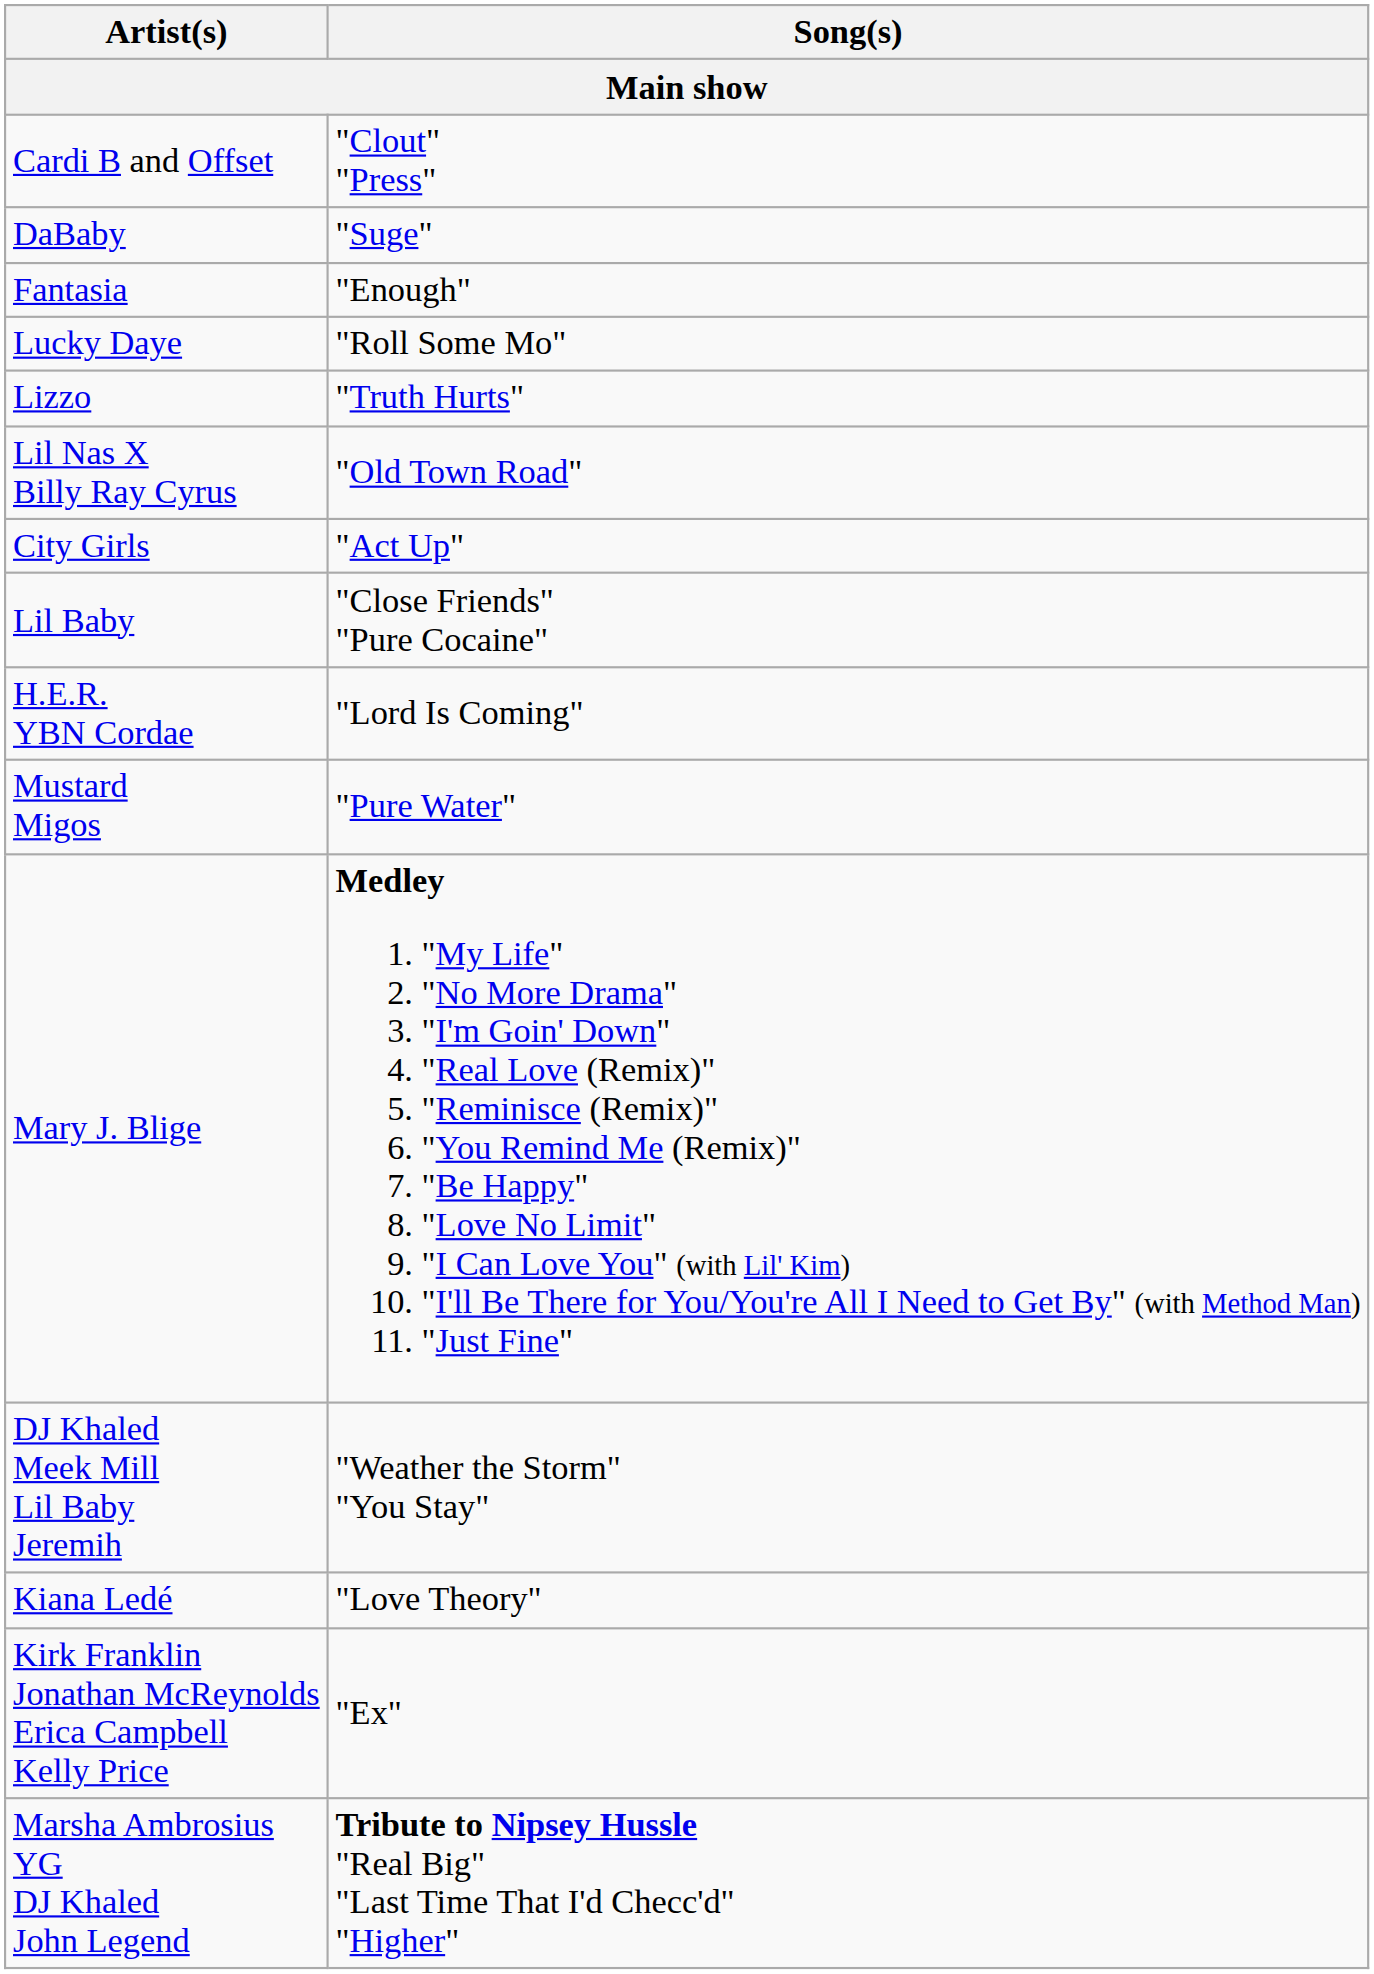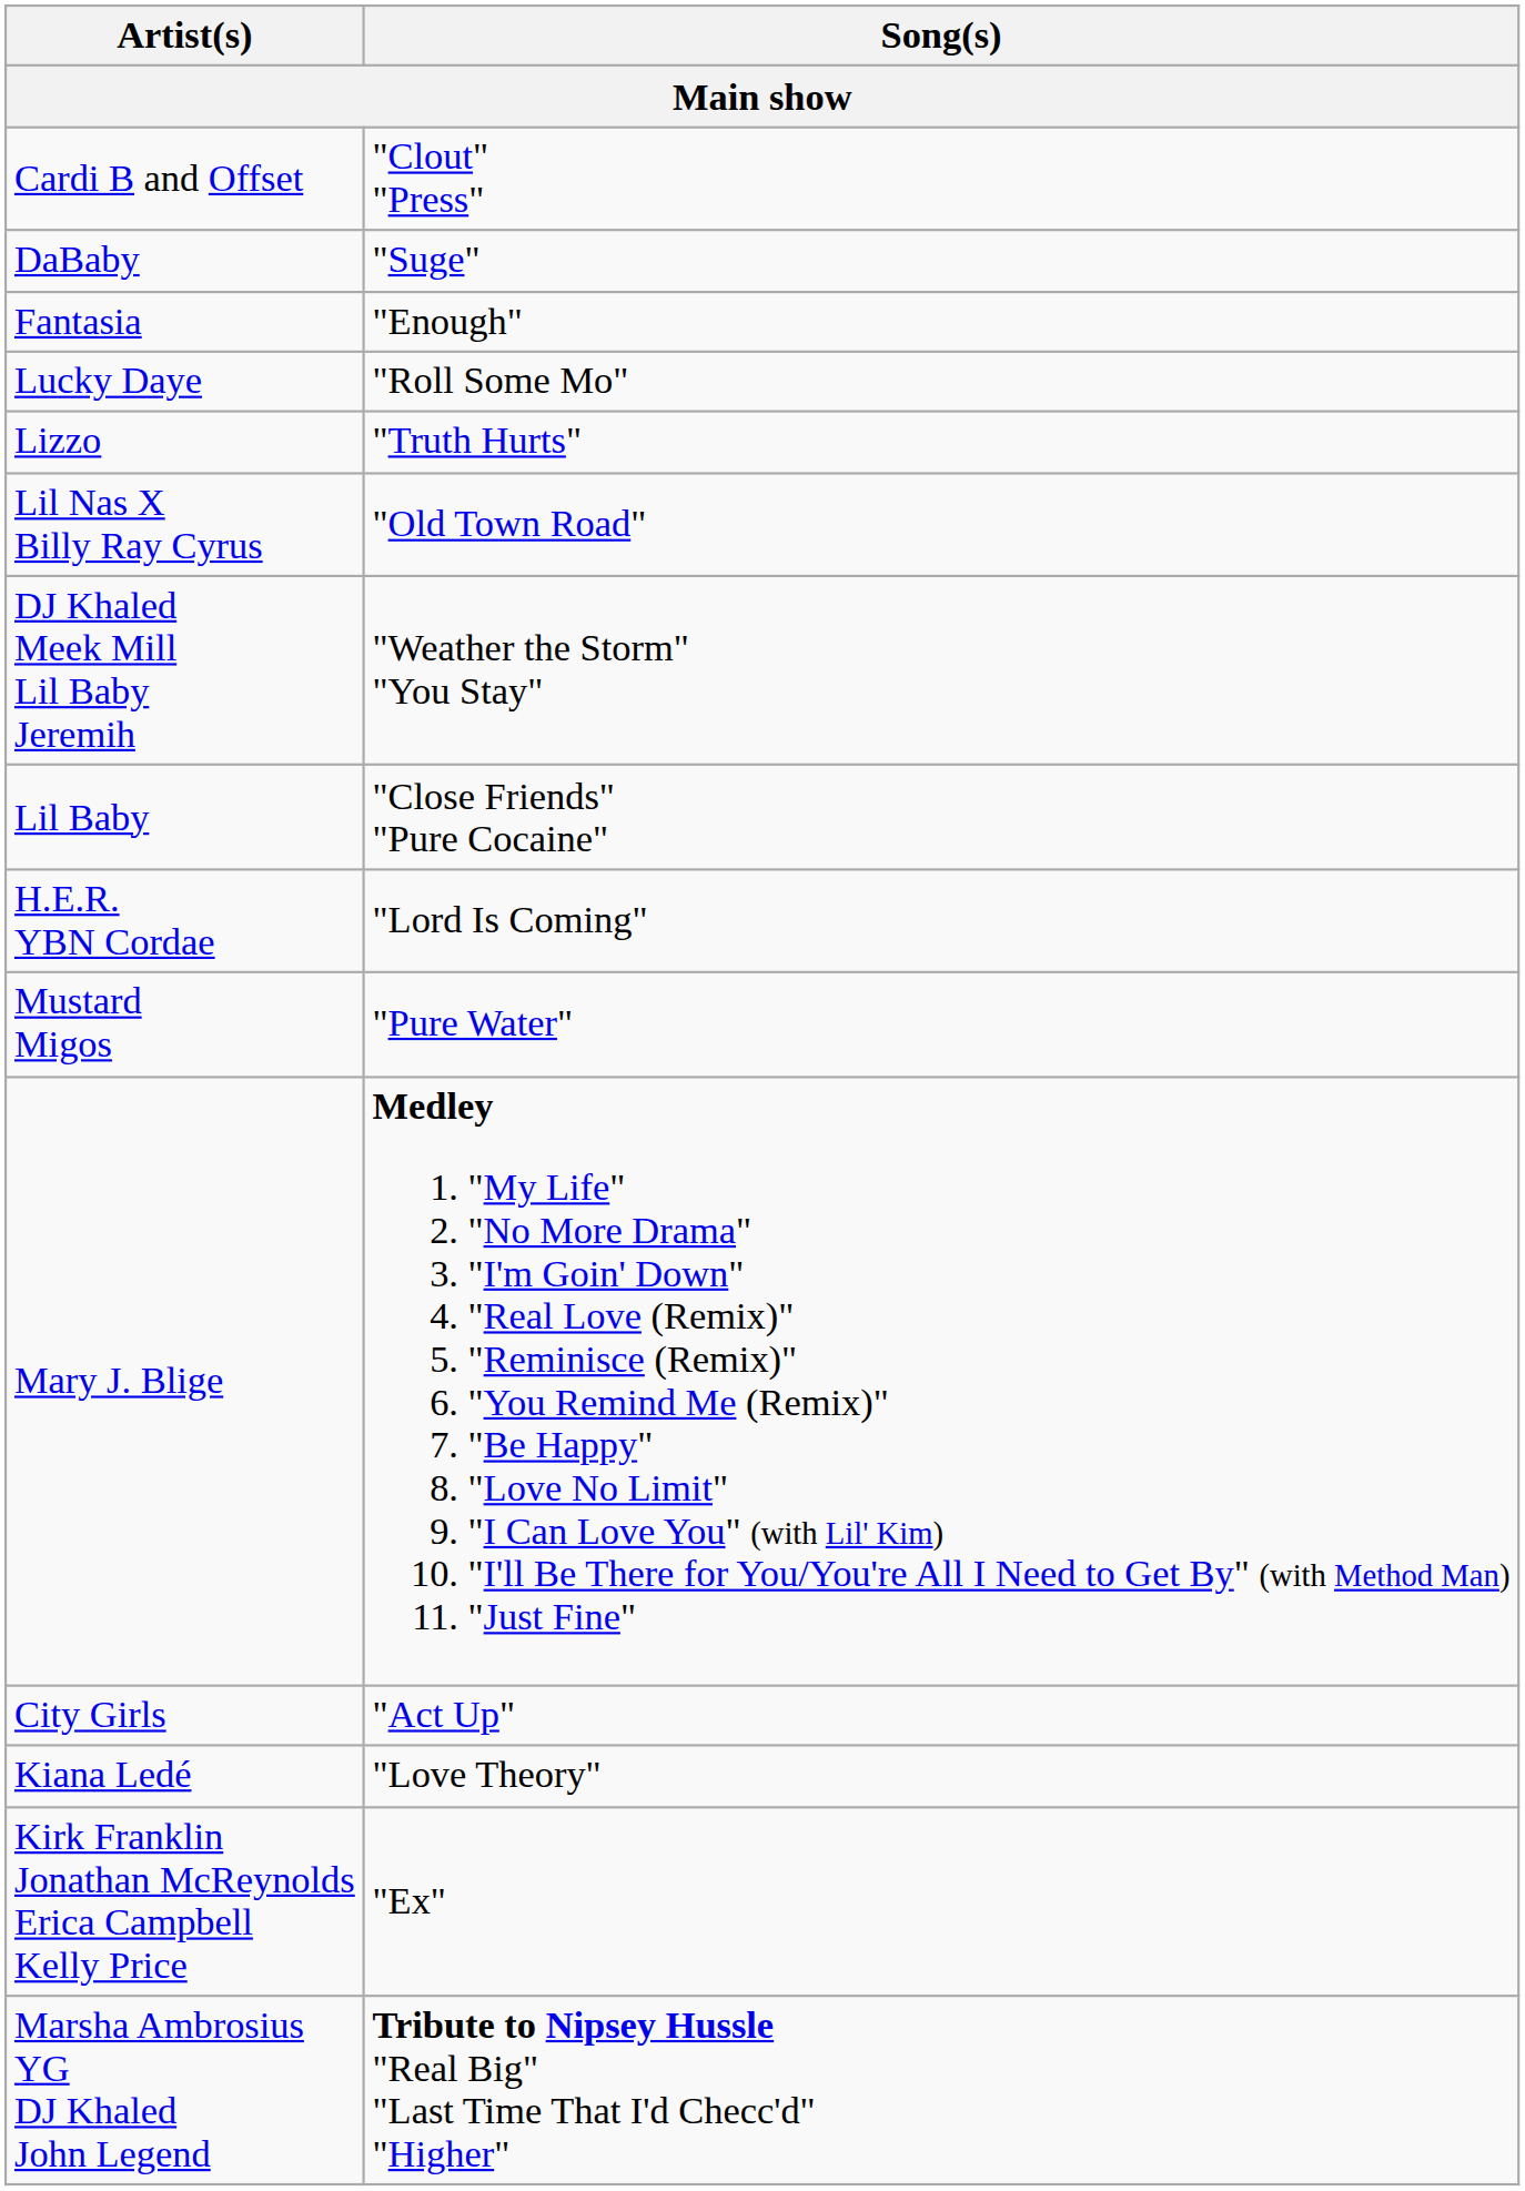 <table class="wikitable">
 <tr>
 <th>Artist(s)</th>
 <th>Song(s)</th>
 </tr>
 <tr>
 <th colspan=2>Main show</th>
 </tr>
 <tr>
 <td><a href='#'>Cardi B</a> and <a href='#'>Offset</a></td>
 <td>"<a href='#'>Clout</a>" <br> "<a href='#'>Press</a>"</td>
 </tr>
 <tr>
 <td><a href='#'>DaBaby</a></td>
 <td>"<a href='#'>Suge</a>"</td>
 </tr>
 <tr>
 <td><a href='#'>Fantasia</a></td>
 <td>"Enough"</td>
 </tr>
 <tr>
 <td><a href='#'>Lucky Daye</a></td>
 <td>"Roll Some Mo"</td>
 </tr>
 <tr>
 <td><a href='#'>Lizzo</a></td>
 <td>"<a href='#'>Truth Hurts</a>"</td>
 </tr>
 <tr>
 <td><a href='#'>Lil Nas X</a> <br> <a href='#'>Billy Ray Cyrus</a></td>
 <td>"<a href='#'>Old Town Road</a>"</td>
 </tr>
 <tr>
-<td><a href='#'>City Girls</a></td>
-<td>"<a href='#'>Act Up</a>"</td>
+<td><a href='#'>DJ Khaled</a><br><a href='#'>Meek Mill</a><br><a href='#'>Lil Baby</a><br><a href='#'>Jeremih</a></td>
+<td>"Weather the Storm"<br>"You Stay"</td>
 </tr>
 <tr>
 <td><a href='#'>Lil Baby</a></td>
 <td>"Close Friends"<br>"Pure Cocaine"</td>
 </tr>
 <tr>
 <td><a href='#'>H.E.R.</a><br><a href='#'>YBN Cordae</a></td>
 <td>"Lord Is Coming"</td>
 </tr>
 <tr>
 <td><a href='#'>Mustard</a><br><a href='#'>Migos</a></td>
 <td>"<a href='#'>Pure Water</a>"</td>
 </tr>
 <tr>
 <td><a href='#'>Mary J. Blige</a></td>
 <td><strong>Medley</strong><br><ol><li>"<a href='#'>My Life</a>"</li><li>"<a href='#'>No More Drama</a>"</li><li>"<a href='#'>I'm Goin' Down</a>"</li><li>"<a href='#'>Real Love</a> (Remix)"</li><li>"<a href='#'>Reminisce</a> (Remix)"</li><li>"<a href='#'>You Remind Me</a> (Remix)"</li><li>"<a href='#'>Be Happy</a>"</li><li>"<a href='#'>Love No Limit</a>"</li><li>"<a href='#'>I Can Love You</a>" <small>(with <a href='#'>Lil' Kim</a>)</small></li><li>"<a href='#'>I'll Be There for You/You're All I Need to Get By</a>" <small>(with <a href='#'>Method Man</a>)</small></li><li>"<a href='#'>Just Fine</a>"</li></ol></td>
 </tr>
 <tr>
-<td><a href='#'>DJ Khaled</a><br><a href='#'>Meek Mill</a><br><a href='#'>Lil Baby</a><br><a href='#'>Jeremih</a></td>
-<td>"Weather the Storm"<br>"You Stay"</td>
+<td><a href='#'>City Girls</a></td>
+<td>"<a href='#'>Act Up</a>"</td>
 </tr>
 <tr>
 <td><a href='#'>Kiana Ledé</a></td>
 <td>"Love Theory"</td>
 </tr>
 <tr>
 <td><a href='#'>Kirk Franklin</a><br><a href='#'>Jonathan McReynolds</a><br><a href='#'>Erica Campbell</a><br><a href='#'>Kelly Price</a></td>
 <td>"Ex"</td>
 </tr>
 <tr>
 <td><a href='#'>Marsha Ambrosius</a><br><a href='#'>YG</a><br><a href='#'>DJ Khaled</a><br><a href='#'>John Legend</a></td>
 <td><strong>Tribute to <a href='#'>Nipsey Hussle</a></strong><br>"Real Big"<br>"Last Time That I'd Checc'd"<br>"<a href='#'>Higher</a>"</td>
 </tr>
 </table>
